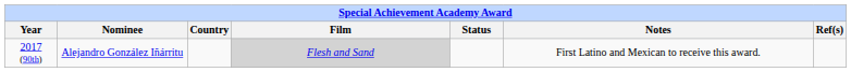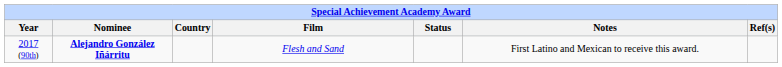 <table class="wikitable" style="text-align: center">
 <tr style="background:#bfd7ff;">
 <td colspan="7" style="text-align:center;"><strong><a href='#'>Special Achievement Academy Award</a></strong></td>
 </tr>
 <tr style="background:#ebf5ff;">
 <th style="width:75px;">Year</th>
 <th style="width:200px;">Nominee</th>
 <th style="width:50px;">Country</th>
 <th style="width:350px;">Film</th>
 <th style="width:75px;">Status</th>
 <th style="width:500px;">Notes</th>
 <th width="3">Ref(s)</th>
 </tr>
 <tr>
 <td style="text-align: center"><a href='#'>2017</a><br><small>(<a href='#'>90th</a>)</small></td>
-<td><a href='#'>Alejandro González Iñárritu</a></td>
+<td><strong><a href='#'>Alejandro González Iñárritu</a></strong></td>
 <td></td>
-<td style="background: lightgrey;"><em><a href='#'>Flesh and Sand</a></em></td>
+<td><em><a href='#'>Flesh and Sand</a></em></td>
 <td></td>
 <td>First Latino and Mexican to receive this award.</td>
 <td style="text-align: center"></td>
 </tr>
 </table>
